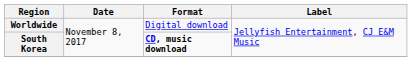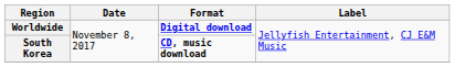 <table class="wikitable plainrowheaders">
 <tr>
 <th scope="col">Region</th>
 <th>Date</th>
 <th>Format</th>
 <th>Label</th>
 </tr>
 <tr>
 <th scope="row">Worldwide</th>
 <td rowspan="2">November 8, 2017</td>
-<td><a href='#'>Digital download</a></td>
+<td><strong><a href='#'>Digital download</a></strong></td>
 <td rowspan="2"><a href='#'>Jellyfish Entertainment</a>, <a href='#'>CJ E&M Music</a></td>
 </tr>
 <tr>
 <th scope="row">South Korea</th>
 <td><strong><a href='#'>CD</a>, music download</strong></td>
 </tr>
 <tr>
 </tr>
 </table>
